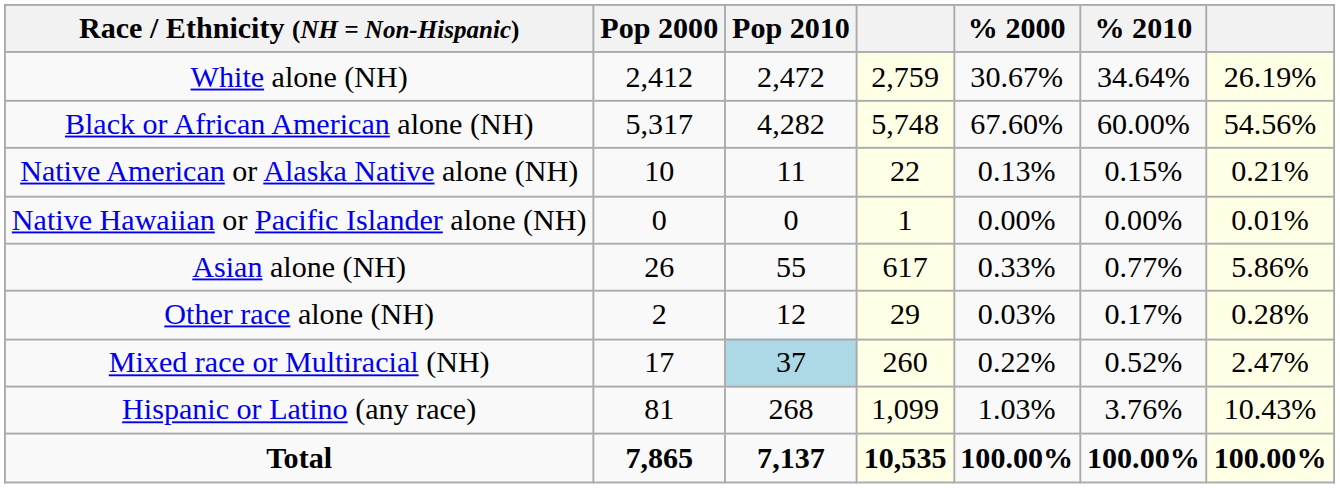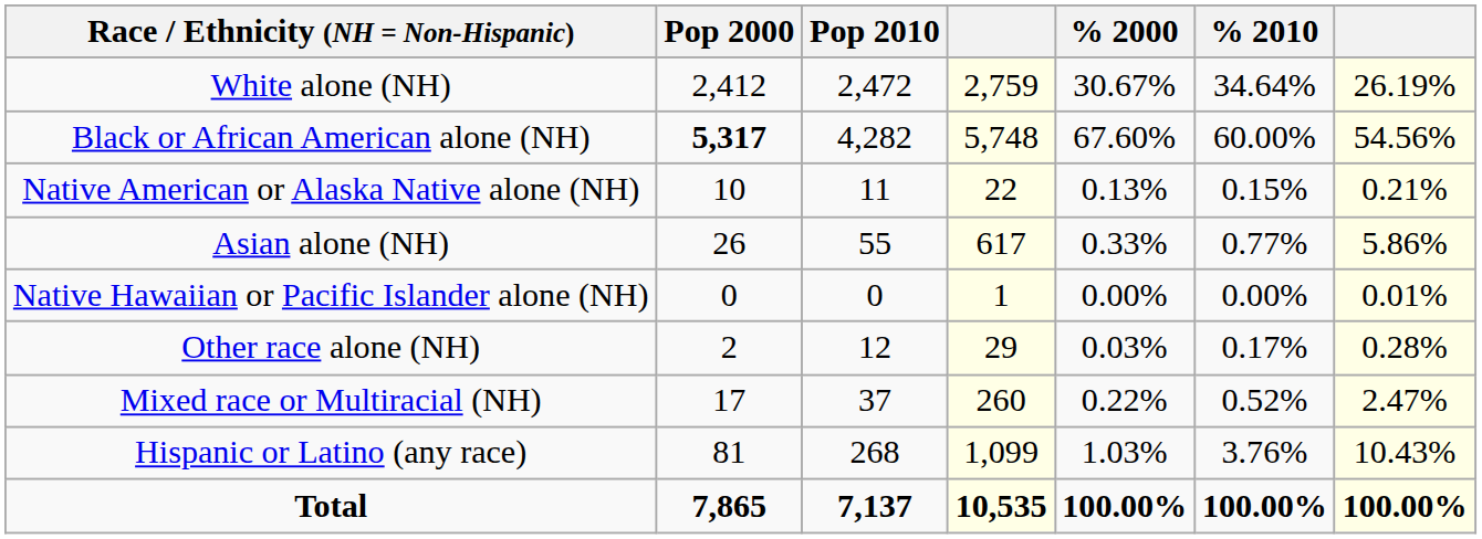 <table class="wikitable"  style="text-align:center;">
 <tr>
 <th>Race / Ethnicity <small>(<em>NH = Non-Hispanic</em>)</small></th>
 <th>Pop 2000</th>
 <th>Pop 2010</th>
 <th></th>
 <th>% 2000</th>
 <th>% 2010</th>
 <th></th>
 </tr>
 <tr>
 <td><a href='#'>White</a> alone (NH)</td>
 <td>2,412</td>
 <td>2,472</td>
 <td style='background: #ffffe6;'>2,759</td>
 <td>30.67%</td>
 <td>34.64%</td>
 <td style='background: #ffffe6;'>26.19%</td>
 </tr>
 <tr>
 <td><a href='#'>Black or African American</a> alone (NH)</td>
-<td>5,317</td>
+<td><strong>5,317</strong></td>
 <td>4,282</td>
 <td style='background: #ffffe6;'>5,748</td>
 <td>67.60%</td>
 <td>60.00%</td>
 <td style='background: #ffffe6;'>54.56%</td>
 </tr>
 <tr>
 <td><a href='#'>Native American</a> or <a href='#'>Alaska Native</a> alone (NH)</td>
 <td>10</td>
 <td>11</td>
 <td style='background: #ffffe6;'>22</td>
 <td>0.13%</td>
 <td>0.15%</td>
 <td style='background: #ffffe6;'>0.21%</td>
 </tr>
 <tr>
+<td><a href='#'>Asian</a> alone (NH)</td>
+<td>26</td>
+<td>55</td>
+<td style='background: #ffffe6;'>617</td>
+<td>0.33%</td>
+<td>0.77%</td>
+<td style='background: #ffffe6;'>5.86%</td>
+</tr>
+<tr>
 <td><a href='#'>Native Hawaiian</a> or <a href='#'>Pacific Islander</a> alone (NH)</td>
 <td>0</td>
 <td>0</td>
 <td style='background: #ffffe6;'>1</td>
 <td>0.00%</td>
 <td>0.00%</td>
 <td style='background: #ffffe6;'>0.01%</td>
-</tr>
-<tr>
-<td><a href='#'>Asian</a> alone (NH)</td>
-<td>26</td>
-<td>55</td>
-<td style='background: #ffffe6;'>617</td>
-<td>0.33%</td>
-<td>0.77%</td>
-<td style='background: #ffffe6;'>5.86%</td>
 </tr>
 <tr>
 <td><a href='#'>Other race</a> alone (NH)</td>
 <td>2</td>
 <td>12</td>
 <td style='background: #ffffe6;'>29</td>
 <td>0.03%</td>
 <td>0.17%</td>
 <td style='background: #ffffe6;'>0.28%</td>
 </tr>
 <tr>
 <td><a href='#'>Mixed race or Multiracial</a> (NH)</td>
 <td>17</td>
-<td style="background: lightblue;">37</td>
+<td>37</td>
 <td style='background: #ffffe6;'>260</td>
 <td>0.22%</td>
 <td>0.52%</td>
 <td style='background: #ffffe6;'>2.47%</td>
 </tr>
 <tr>
 <td><a href='#'>Hispanic or Latino</a> (any race)</td>
 <td>81</td>
 <td>268</td>
 <td style='background: #ffffe6;'>1,099</td>
 <td>1.03%</td>
 <td>3.76%</td>
 <td style='background: #ffffe6;'>10.43%</td>
 </tr>
 <tr>
 <td><strong>Total</strong></td>
 <td><strong>7,865</strong></td>
 <td><strong>7,137</strong></td>
 <td style='background: #ffffe6;'><strong>10,535</strong></td>
 <td><strong>100.00%</strong></td>
 <td><strong>100.00%</strong></td>
 <td style='background: #ffffe6;'><strong>100.00%</strong></td>
 </tr>
 </table>
